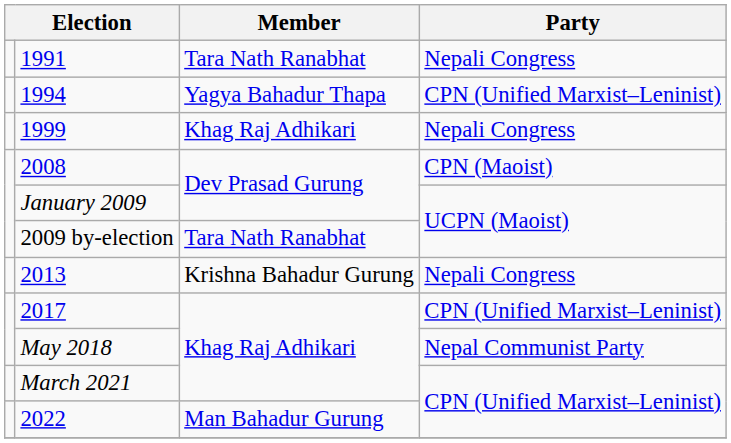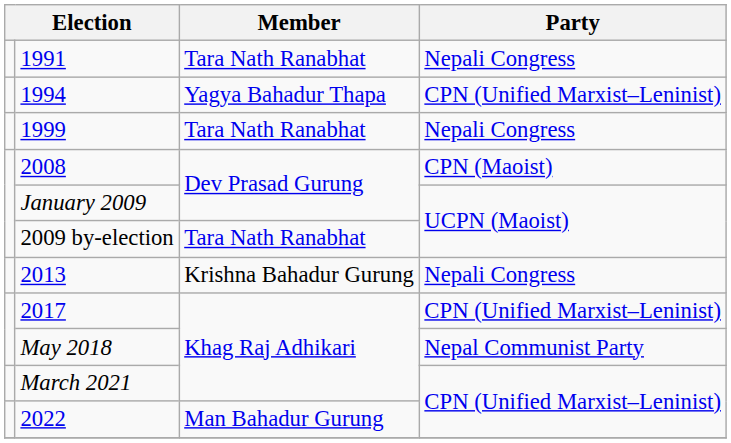 <table class="wikitable">
 <tr>
 <th colspan="2">Election</th>
 <th>Member</th>
 <th>Party</th>
 </tr>
 <tr>
 <td style="background-color:"></td>
 <td><a href='#'>1991</a></td>
 <td><a href='#'>Tara Nath Ranabhat</a></td>
 <td><a href='#'>Nepali Congress</a></td>
 </tr>
 <tr>
 <td style="background-color:"></td>
 <td><a href='#'>1994</a></td>
 <td><a href='#'>Yagya Bahadur Thapa</a></td>
 <td><a href='#'>CPN (Unified Marxist–Leninist)</a></td>
 </tr>
 <tr>
 <td style="background-color:"></td>
 <td><a href='#'>1999</a></td>
-<td><a href='#'>Khag Raj Adhikari</a></td>
+<td><a href='#'>Tara Nath Ranabhat</a></td>
 <td><a href='#'>Nepali Congress</a></td>
 </tr>
 <tr>
 <td rowspan="3" style="background-color:"></td>
 <td><a href='#'>2008</a></td>
 <td rowspan="2"><a href='#'>Dev Prasad Gurung</a></td>
 <td><a href='#'>CPN (Maoist)</a></td>
 </tr>
 <tr>
 <td><em>January 2009</em></td>
 <td rowspan="2"><a href='#'>UCPN (Maoist)</a></td>
 </tr>
 <tr>
 <td>2009 by-election</td>
 <td><a href='#'>Tara Nath Ranabhat</a></td>
 </tr>
 <tr>
 <td style="background-color:"></td>
 <td><a href='#'>2013</a></td>
 <td>Krishna Bahadur Gurung</td>
 <td><a href='#'>Nepali Congress</a></td>
 </tr>
 <tr>
 <td rowspan="2" style="background-color:"></td>
 <td><a href='#'>2017</a></td>
 <td rowspan="3"><a href='#'>Khag Raj Adhikari</a></td>
 <td><a href='#'>CPN (Unified Marxist–Leninist)</a></td>
 </tr>
 <tr>
 <td><em>May 2018</em></td>
 <td><a href='#'>Nepal Communist Party</a></td>
 </tr>
 <tr>
 <td></td>
 <td><em>March 2021</em></td>
 <td rowspan="2"><a href='#'>CPN (Unified Marxist–Leninist)</a></td>
 </tr>
 <tr>
 <td></td>
 <td><a href='#'>2022</a></td>
 <td><a href='#'>Man Bahadur Gurung</a></td>
 </tr>
 <tr>
 </tr>
 </table>
